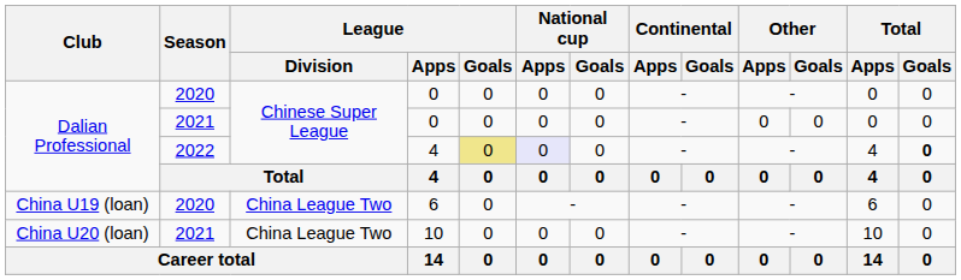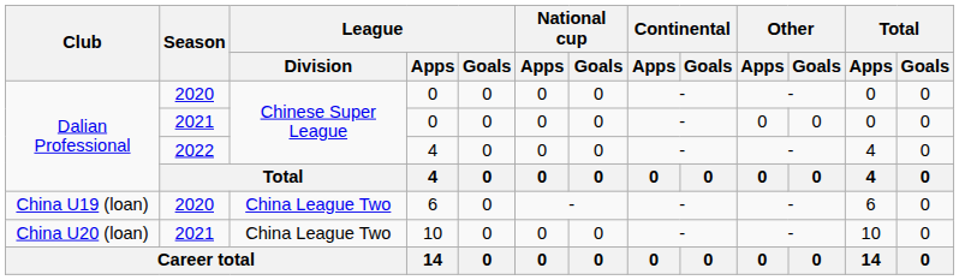 <table class="wikitable" style="text-align: center">
 <tr>
 <th rowspan="2">Club</th>
 <th rowspan="2">Season</th>
 <th colspan="3">League</th>
 <th colspan="2">National cup</th>
 <th colspan="2">Continental</th>
 <th colspan="2">Other</th>
 <th colspan="2">Total</th>
 </tr>
 <tr>
 <th>Division</th>
 <th>Apps</th>
 <th>Goals</th>
 <th>Apps</th>
 <th>Goals</th>
 <th>Apps</th>
 <th>Goals</th>
 <th>Apps</th>
 <th>Goals</th>
 <th>Apps</th>
 <th>Goals</th>
 </tr>
 <tr>
 <td rowspan="4"><a href='#'>Dalian Professional</a></td>
 <td><a href='#'>2020</a></td>
 <td rowspan="3"><a href='#'>Chinese Super League</a></td>
 <td>0</td>
 <td>0</td>
 <td>0</td>
 <td>0</td>
 <td colspan="2">-</td>
 <td colspan="2">-</td>
 <td>0</td>
 <td>0</td>
 </tr>
 <tr>
 <td><a href='#'>2021</a></td>
 <td>0</td>
 <td>0</td>
 <td>0</td>
 <td>0</td>
 <td colspan="2">-</td>
 <td>0</td>
 <td>0</td>
 <td>0</td>
 <td>0</td>
 </tr>
 <tr>
 <td><a href='#'>2022</a></td>
 <td>4</td>
-<td style="background: khaki;">0</td>
-<td style="background: lavender;">0</td>
+<td>0</td>
+<td>0</td>
 <td>0</td>
 <td colspan="2">-</td>
 <td colspan="2">-</td>
 <td>4</td>
-<td><strong>0</strong></td>
+<td>0</td>
 </tr>
 <tr>
 <th colspan="2">Total</th>
 <th>4</th>
 <th>0</th>
 <th>0</th>
 <th>0</th>
 <th>0</th>
 <th>0</th>
 <th>0</th>
 <th>0</th>
 <th>4</th>
 <th>0</th>
 </tr>
 <tr>
 <td><a href='#'>China U19</a> (loan)</td>
 <td><a href='#'>2020</a></td>
 <td><a href='#'>China League Two</a></td>
 <td>6</td>
 <td>0</td>
 <td colspan="2">-</td>
 <td colspan="2">-</td>
 <td colspan="2">-</td>
 <td>6</td>
 <td>0</td>
 </tr>
 <tr>
 <td><a href='#'>China U20</a> (loan)</td>
 <td><a href='#'>2021</a></td>
 <td>China League Two</td>
 <td>10</td>
 <td>0</td>
 <td>0</td>
 <td>0</td>
 <td colspan="2">-</td>
 <td colspan="2">-</td>
 <td>10</td>
 <td>0</td>
 </tr>
 <tr>
 <th colspan="3">Career total</th>
 <th>14</th>
 <th>0</th>
 <th>0</th>
 <th>0</th>
 <th>0</th>
 <th>0</th>
 <th>0</th>
 <th>0</th>
 <th>14</th>
 <th>0</th>
 </tr>
 </table>
